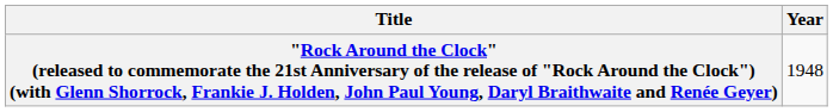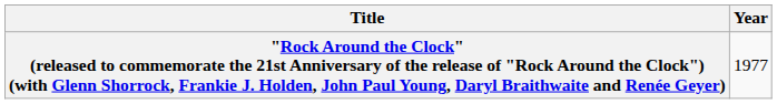 <table class="wikitable plainrowheaders" style="text-align:center;" border="1">
 <tr>
 <th>Title</th>
 <th>Year</th>
 </tr>
 <tr>
 <th scope="row">"<a href='#'>Rock Around the Clock</a>"<br><span>(released to commemorate the 21st Anniversary of the release of "Rock Around the Clock")<br>(with <a href='#'>Glenn Shorrock</a>, <a href='#'>Frankie J. Holden</a>, <a href='#'>John Paul Young</a>, <a href='#'>Daryl Braithwaite</a> and <a href='#'>Renée Geyer</a>)</span></th>
-<td>1948</td>
+<td>1977</td>
 </tr>
 </table>
